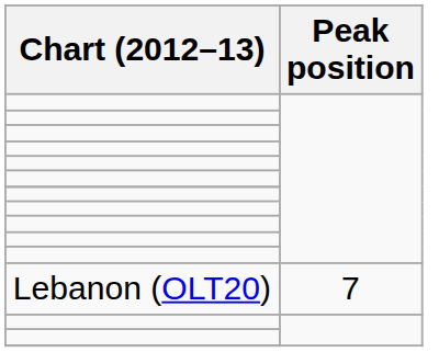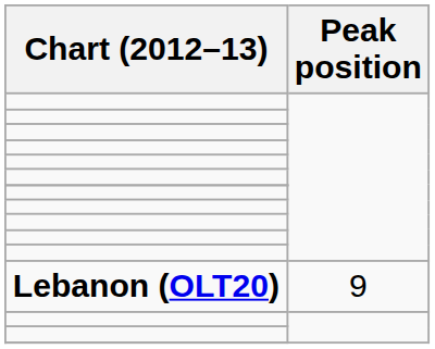 <table class="wikitable sortable">
 <tr>
 <th>Chart (2012–13)</th>
 <th>Peak<br>position</th>
 </tr>
 <tr>
 <td></td>
 </tr>
 <tr>
 <td></td>
 </tr>
 <tr>
 <td></td>
 </tr>
 <tr>
 <td></td>
 </tr>
 <tr>
 <td></td>
 </tr>
 <tr>
 <td></td>
 </tr>
 <tr>
 </tr>
 <tr>
 <td></td>
 </tr>
 <tr>
 <td></td>
 </tr>
 <tr>
 <td></td>
 </tr>
 <tr>
 <td></td>
 </tr>
 <tr>
 <td></td>
 </tr>
 <tr>
-<td>Lebanon (<a href='#'>OLT20</a>)</td>
-<td align="center">7</td>
+<td><strong>Lebanon (<a href='#'>OLT20</a>)</strong></td>
+<td align="center">9</td>
 </tr>
 <tr>
 <td></td>
 </tr>
 <tr>
 <td></td>
 </tr>
 <tr>
 </tr>
 <tr>
 </tr>
 <tr>
 </tr>
 <tr>
 </tr>
 <tr>
 </tr>
 </table>
